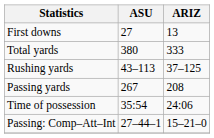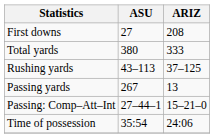 <table class="wikitable" style="float: left;">
 <tr>
 <th>Statistics</th>
 <th>ASU</th>
 <th>ARIZ</th>
 </tr>
 <tr>
 <td>First downs</td>
 <td>27</td>
-<td>13</td>
+<td>208</td>
 </tr>
 <tr>
 <td>Total yards</td>
 <td>380</td>
 <td>333</td>
 </tr>
 <tr>
 <td>Rushing yards</td>
 <td>43–113</td>
 <td>37–125</td>
 </tr>
 <tr>
 <td>Passing yards</td>
 <td>267</td>
-<td>208</td>
+<td>13</td>
+</tr>
+<tr>
+<td>Passing: Comp–Att–Int</td>
+<td>27–44–1</td>
+<td>15–21–0</td>
 </tr>
 <tr>
 <td>Time of possession</td>
 <td>35:54</td>
 <td>24:06</td>
 </tr>
 <tr>
-<td>Passing: Comp–Att–Int</td>
-<td>27–44–1</td>
-<td>15–21–0</td>
-</tr>
-<tr>
 </tr>
 </table>
